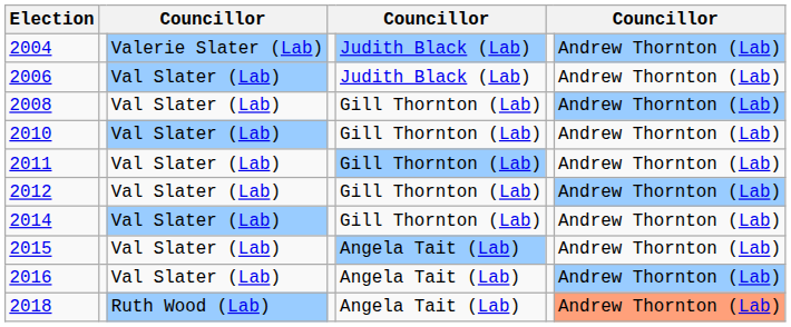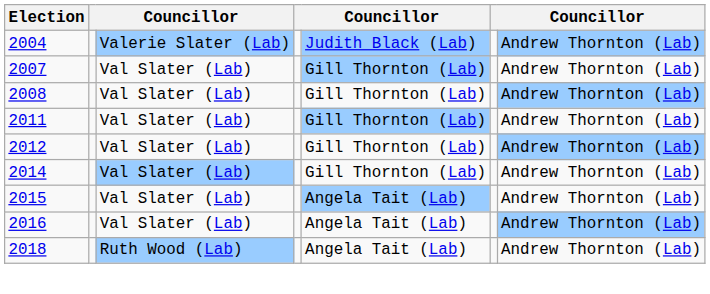 <table class="wikitable">
 <tr>
 <th>Election</th>
 <th colspan="2">Councillor</th>
 <th colspan="2">Councillor</th>
 <th colspan="2">Councillor</th>
 </tr>
 <tr>
 <td><a href='#'>2004</a></td>
 <td style="background-color: "></td>
 <td bgcolor="#99CCFF">Valerie Slater (<a href='#'>Lab</a>)</td>
 <td style="background-color: "></td>
 <td bgcolor="#99CCFF"><a href='#'>Judith Black</a> (<a href='#'>Lab</a>)</td>
 <td style="background-color: "></td>
 <td bgcolor="#99CCFF">Andrew Thornton (<a href='#'>Lab</a>)</td>
 </tr>
 <tr>
-<td><a href='#'>2006</a></td>
+<td><a href='#'>2007</a></td>
 <td style="background-color: "></td>
-<td bgcolor="#99CCFF">Val Slater (<a href='#'>Lab</a>)</td>
+<td>Val Slater (<a href='#'>Lab</a>)</td>
 <td style="background-color: "></td>
-<td><a href='#'>Judith Black</a> (<a href='#'>Lab</a>)</td>
+<td bgcolor="#99CCFF">Gill Thornton (<a href='#'>Lab</a>)</td>
 <td style="background-color: "></td>
 <td>Andrew Thornton (<a href='#'>Lab</a>)</td>
 </tr>
 <tr>
 <td><a href='#'>2008</a></td>
 <td style="background-color: "></td>
 <td>Val Slater (<a href='#'>Lab</a>)</td>
 <td style="background-color: "></td>
 <td>Gill Thornton (<a href='#'>Lab</a>)</td>
 <td style="background-color: "></td>
 <td bgcolor="#99CCFF">Andrew Thornton (<a href='#'>Lab</a>)</td>
-</tr>
-<tr>
-<td><a href='#'>2010</a></td>
-<td style="background-color: "></td>
-<td bgcolor="#99CCFF">Val Slater (<a href='#'>Lab</a>)</td>
-<td style="background-color: "></td>
-<td>Gill Thornton (<a href='#'>Lab</a>)</td>
-<td style="background-color: "></td>
-<td>Andrew Thornton (<a href='#'>Lab</a>)</td>
 </tr>
 <tr>
 <td><a href='#'>2011</a></td>
 <td style="background-color: "></td>
 <td>Val Slater (<a href='#'>Lab</a>)</td>
 <td style="background-color: "></td>
 <td bgcolor="#99CCFF">Gill Thornton (<a href='#'>Lab</a>)</td>
 <td style="background-color: "></td>
 <td>Andrew Thornton (<a href='#'>Lab</a>)</td>
 </tr>
 <tr>
 <td><a href='#'>2012</a></td>
 <td style="background-color: "></td>
 <td>Val Slater (<a href='#'>Lab</a>)</td>
 <td style="background-color: "></td>
 <td>Gill Thornton (<a href='#'>Lab</a>)</td>
 <td style="background-color: "></td>
 <td bgcolor="#99CCFF">Andrew Thornton (<a href='#'>Lab</a>)</td>
 </tr>
 <tr>
 <td><a href='#'>2014</a></td>
 <td style="background-color: "></td>
 <td bgcolor="#99CCFF">Val Slater (<a href='#'>Lab</a>)</td>
 <td style="background-color: "></td>
 <td>Gill Thornton (<a href='#'>Lab</a>)</td>
 <td style="background-color: "></td>
 <td>Andrew Thornton (<a href='#'>Lab</a>)</td>
 </tr>
 <tr>
 <td><a href='#'>2015</a></td>
 <td style="background-color: "></td>
 <td>Val Slater (<a href='#'>Lab</a>)</td>
 <td style="background-color: "></td>
 <td bgcolor="#99CCFF">Angela Tait (<a href='#'>Lab</a>)</td>
 <td style="background-color: "></td>
 <td>Andrew Thornton (<a href='#'>Lab</a>)</td>
 </tr>
 <tr>
 <td><a href='#'>2016</a></td>
 <td style="background-color: "></td>
 <td>Val Slater (<a href='#'>Lab</a>)</td>
 <td style="background-color: "></td>
 <td>Angela Tait (<a href='#'>Lab</a>)</td>
 <td style="background-color: "></td>
 <td bgcolor="#99CCFF">Andrew Thornton (<a href='#'>Lab</a>)</td>
 </tr>
 <tr>
 <td><a href='#'>2018</a></td>
 <td style="background-color: "></td>
 <td bgcolor="#99CCFF">Ruth Wood (<a href='#'>Lab</a>)</td>
 <td style="background-color: "></td>
 <td>Angela Tait (<a href='#'>Lab</a>)</td>
 <td style="background-color: "></td>
-<td style="background: lightsalmon;">Andrew Thornton (<a href='#'>Lab</a>)</td>
+<td>Andrew Thornton (<a href='#'>Lab</a>)</td>
 </tr>
 </table>
